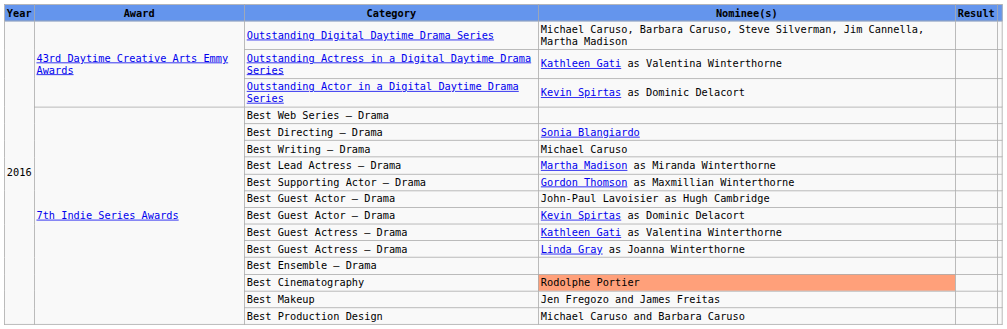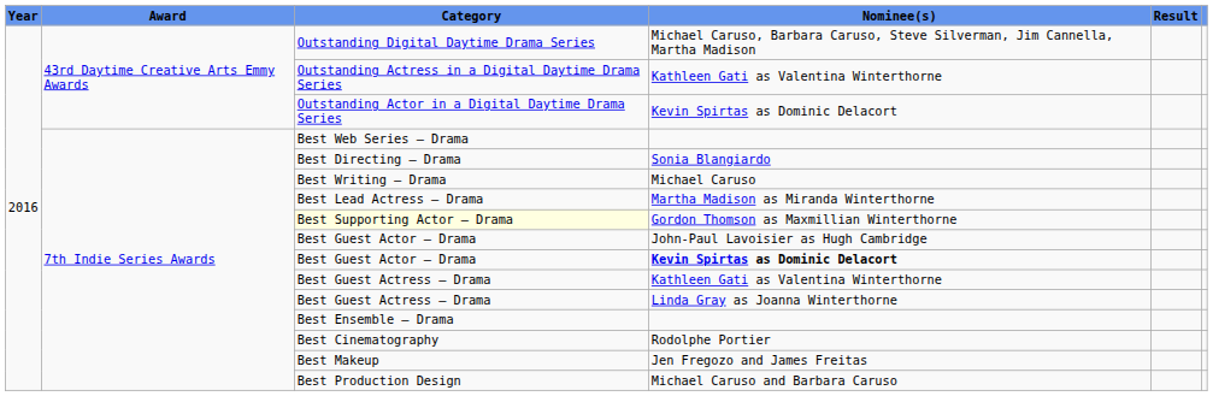 <table class=wikitable  style="width:100%">
 <tr>
 <th style="background:#6495ED;">Year</th>
 <th style="background:#6495ED;">Award</th>
 <th style="background:#6495ED;">Category</th>
 <th style="background:#6495ED;">Nominee(s)</th>
 <th style="background:#6495ED;">Result</th>
 <th style="background:#6495ED;"></th>
 </tr>
 <tr>
 <td rowspan="16" align="center">2016</td>
 <td rowspan="3" align="left"><a href='#'>43rd Daytime Creative Arts Emmy Awards</a></td>
 <td><a href='#'>Outstanding Digital Daytime Drama Series</a></td>
 <td>Michael Caruso, Barbara Caruso, Steve Silverman, Jim Cannella, Martha Madison</td>
 <td></td>
 <td align=center></td>
 </tr>
 <tr>
 <td><a href='#'>Outstanding Actress in a Digital Daytime Drama Series</a></td>
 <td><a href='#'>Kathleen Gati</a> as Valentina Winterthorne</td>
 <td></td>
 <td align=center></td>
 </tr>
 <tr>
 <td><a href='#'>Outstanding Actor in a Digital Daytime Drama Series</a></td>
 <td><a href='#'>Kevin Spirtas</a> as Dominic Delacort</td>
 <td></td>
 <td align=center></td>
 </tr>
 <tr>
 <td rowspan="13" align="left"><a href='#'>7th Indie Series Awards</a></td>
 <td>Best Web Series — Drama</td>
 <td></td>
 <td></td>
 <td align=center></td>
 </tr>
 <tr>
 <td>Best Directing — Drama</td>
 <td><a href='#'>Sonia Blangiardo</a></td>
 <td></td>
 <td align=center></td>
 </tr>
 <tr>
 <td>Best Writing — Drama</td>
 <td>Michael Caruso</td>
 <td></td>
 <td align=center></td>
 </tr>
 <tr>
 <td>Best Lead Actress — Drama</td>
 <td><a href='#'>Martha Madison</a> as Miranda Winterthorne</td>
 <td></td>
 <td align=center></td>
 </tr>
 <tr>
-<td>Best Supporting Actor — Drama</td>
+<td style="background: lightyellow;">Best Supporting Actor — Drama</td>
 <td><a href='#'>Gordon Thomson</a> as Maxmillian Winterthorne</td>
 <td></td>
 <td align=center></td>
 </tr>
 <tr>
 <td>Best Guest Actor — Drama</td>
 <td>John-Paul Lavoisier as Hugh Cambridge</td>
 <td></td>
 <td align=center></td>
 </tr>
 <tr>
 <td>Best Guest Actor — Drama</td>
-<td><a href='#'>Kevin Spirtas</a> as Dominic Delacort</td>
+<td><strong><a href='#'>Kevin Spirtas</a> as Dominic Delacort</strong></td>
 <td></td>
 <td align=center></td>
 </tr>
 <tr>
 <td>Best Guest Actress — Drama</td>
 <td><a href='#'>Kathleen Gati</a> as Valentina Winterthorne</td>
 <td></td>
 <td align=center></td>
 </tr>
 <tr>
 <td>Best Guest Actress — Drama</td>
 <td><a href='#'>Linda Gray</a> as Joanna Winterthorne</td>
 <td></td>
 <td align=center></td>
 </tr>
 <tr>
 <td>Best Ensemble – Drama</td>
 <td></td>
 <td></td>
 <td align=center></td>
 </tr>
 <tr>
 <td>Best Cinematography</td>
-<td style="background: lightsalmon;">Rodolphe Portier</td>
+<td>Rodolphe Portier</td>
 <td></td>
 <td align=center></td>
 </tr>
 <tr>
 <td>Best Makeup</td>
 <td>Jen Fregozo and James Freitas</td>
 <td></td>
 <td align=center></td>
 </tr>
 <tr>
 <td>Best Production Design</td>
 <td>Michael Caruso and Barbara Caruso</td>
 <td></td>
 <td align=center></td>
 </tr>
 </table>
